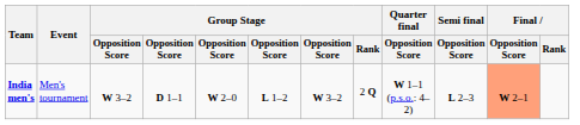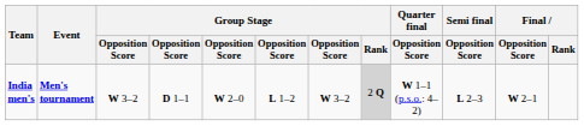 <table class="wikitable" style="font-size:90%">
 <tr>
 <th rowspan=2>Team</th>
 <th rowspan=2>Event</th>
 <th colspan=6>Group Stage</th>
 <th>Quarter final</th>
 <th>Semi final</th>
 <th colspan=2>Final / </th>
 </tr>
 <tr style="font-size:95%">
 <th>Opposition<br>Score</th>
 <th>Opposition<br>Score</th>
 <th>Opposition<br>Score</th>
 <th>Opposition<br>Score</th>
 <th>Opposition<br>Score</th>
 <th>Rank</th>
 <th>Opposition<br>Score</th>
 <th>Opposition<br>Score</th>
 <th>Opposition<br>Score</th>
 <th>Rank</th>
 </tr>
 <tr align=center>
 <td align=left><strong><a href='#'>India men's</a></strong></td>
-<td align=left><a href='#'>Men's tournament</a></td>
+<td align=left><strong><a href='#'>Men's tournament</a></strong></td>
 <td> <br> <strong>W</strong> 3–2</td>
 <td> <br> <strong>D</strong> 1–1</td>
 <td> <br> <strong>W</strong> 2–0</td>
 <td> <br> <strong>L</strong> 1–2</td>
 <td> <br> <strong>W</strong> 3–2</td>
-<td>2 <strong>Q</strong></td>
+<td style="background: lightgrey;">2 <strong>Q</strong></td>
 <td> <br> <strong>W</strong> 1–1<br>(<a href='#'>p.s.o.</a>: 4–2)</td>
 <td> <br> <strong>L</strong> 2–3</td>
-<td style="background: lightsalmon;"> <br> <strong>W</strong> 2–1</td>
+<td> <br> <strong>W</strong> 2–1</td>
 <td></td>
 </tr>
 </table>
